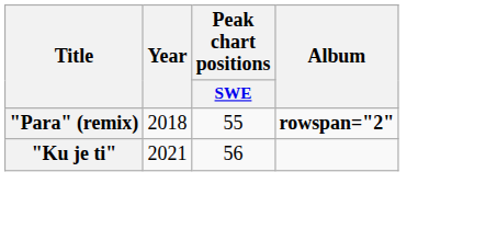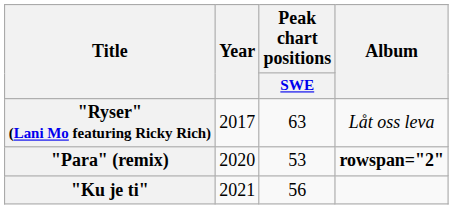 <table class="wikitable plainrowheaders" style="text-align:center;">
 <tr>
 <th scope="col" rowspan="2">Title</th>
 <th scope="col" rowspan="2">Year</th>
 <th scope="col" colspan="1">Peak chart positions</th>
 <th scope="col" rowspan="2">Album</th>
 </tr>
 <tr>
 <th scope="col" style="width:3em;font-size:85%;"><a href='#'>SWE</a> <br></th>
 </tr>
 <tr>
+<th scope="row">"Ryser" <br><small>(<a href='#'>Lani Mo</a> featuring Ricky Rich)</small></th>
+<td>2017</td>
+<td>63</td>
+<td><em>Låt oss leva</em></td>
+</tr>
+<tr>
 <th scope="row">"Para" (remix)<br></th>
-<td>2018</td>
-<td>55<br></td>
+<td>2020</td>
+<td>53<br></td>
 <td><strong>rowspan="2" </strong></td>
 </tr>
 <tr>
 <th scope="row">"Ku je ti"<br></th>
 <td>2021</td>
 <td>56<br></td>
 </tr>
 </table>
